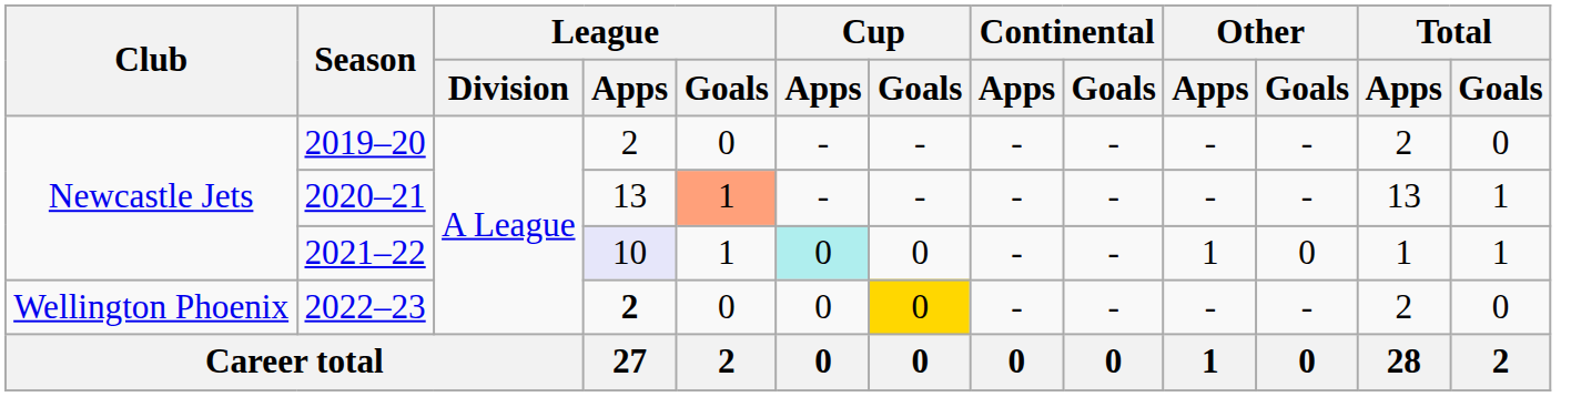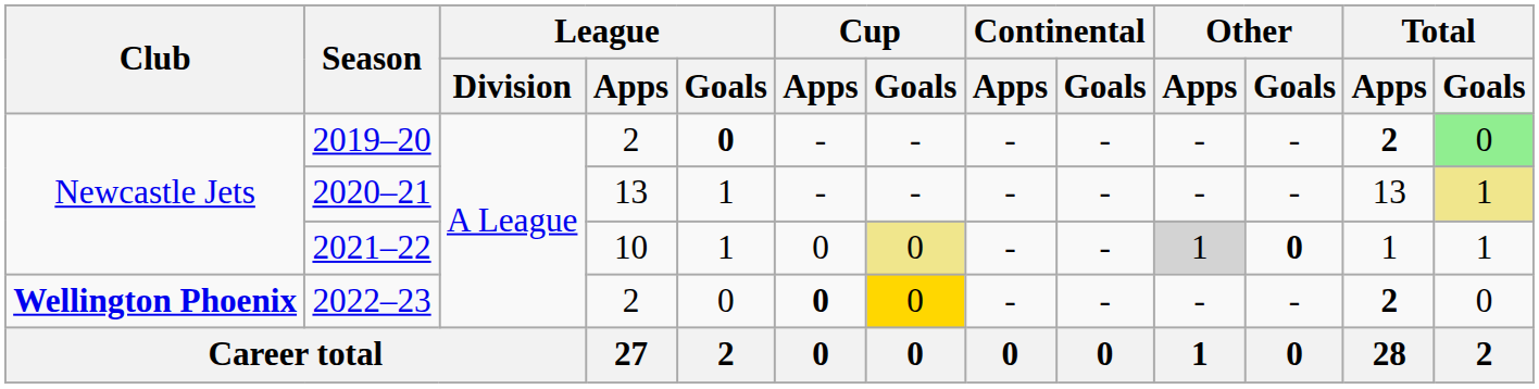 <table class="wikitable" style="text-align:center">
 <tr>
 <th rowspan="2">Club</th>
 <th rowspan="2">Season</th>
 <th colspan="3">League</th>
 <th colspan="2">Cup</th>
 <th colspan="2">Continental</th>
 <th colspan="2">Other</th>
 <th colspan="2">Total</th>
 </tr>
 <tr>
 <th>Division</th>
 <th>Apps</th>
 <th>Goals</th>
 <th>Apps</th>
 <th>Goals</th>
 <th>Apps</th>
 <th>Goals</th>
 <th>Apps</th>
 <th>Goals</th>
 <th>Apps</th>
 <th>Goals</th>
 </tr>
 <tr>
 <td rowspan="3"><a href='#'>Newcastle Jets</a></td>
 <td><a href='#'>2019–20</a></td>
 <td rowspan="4"><a href='#'>A League</a></td>
 <td>2</td>
-<td>0</td>
+<td><strong>0</strong></td>
 <td>-</td>
 <td>-</td>
 <td>-</td>
 <td>-</td>
 <td>-</td>
 <td>-</td>
-<td>2</td>
-<td>0</td>
+<td><strong>2</strong></td>
+<td style="background: lightgreen;">0</td>
 </tr>
 <tr>
 <td><a href='#'>2020–21</a></td>
 <td>13</td>
-<td style="background: lightsalmon;">1</td>
+<td>1</td>
 <td>-</td>
 <td>-</td>
 <td>-</td>
 <td>-</td>
 <td>-</td>
 <td>-</td>
 <td>13</td>
-<td>1</td>
+<td style="background: khaki;">1</td>
 </tr>
 <tr>
 <td><a href='#'>2021–22</a></td>
-<td style="background: lavender;">10</td>
+<td>10</td>
 <td>1</td>
-<td style="background: paleturquoise;">0</td>
 <td>0</td>
+<td style="background: khaki;">0</td>
 <td>-</td>
 <td>-</td>
-<td>1</td>
-<td>0</td>
+<td style="background: lightgrey;">1</td>
+<td><strong>0</strong></td>
 <td>1</td>
 <td>1</td>
 </tr>
 <tr>
-<td><a href='#'>Wellington Phoenix</a></td>
+<td><strong><a href='#'>Wellington Phoenix</a></strong></td>
 <td><a href='#'>2022–23</a></td>
-<td><strong>2</strong></td>
+<td>2</td>
 <td>0</td>
-<td>0</td>
+<td><strong>0</strong></td>
 <td style="background: gold;">0</td>
 <td>-</td>
 <td>-</td>
 <td>-</td>
 <td>-</td>
-<td>2</td>
+<td><strong>2</strong></td>
 <td>0</td>
 </tr>
 <tr>
 <th colspan="3">Career total</th>
 <th>27</th>
 <th>2</th>
 <th>0</th>
 <th>0</th>
 <th>0</th>
 <th>0</th>
 <th>1</th>
 <th>0</th>
 <th>28</th>
 <th>2</th>
 </tr>
 </table>
